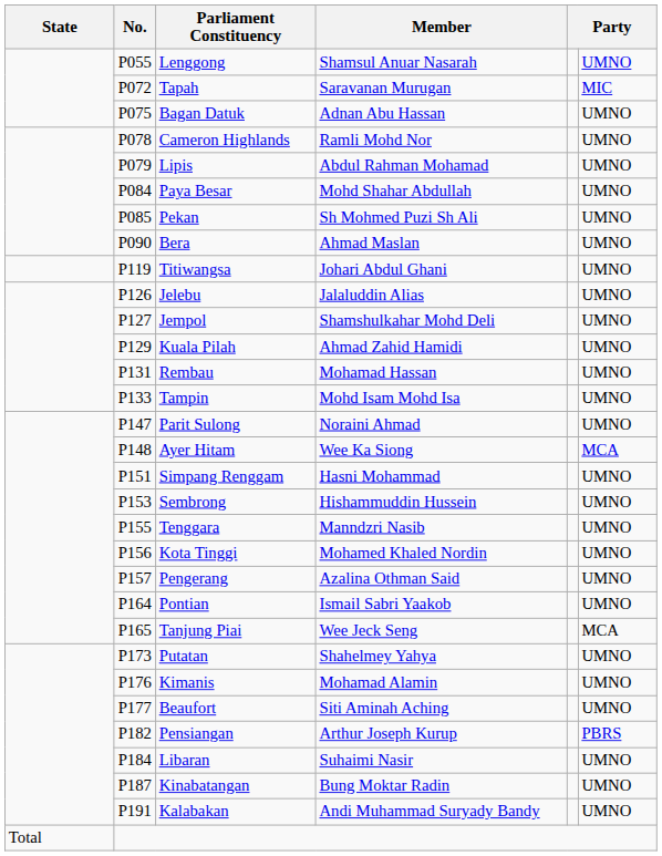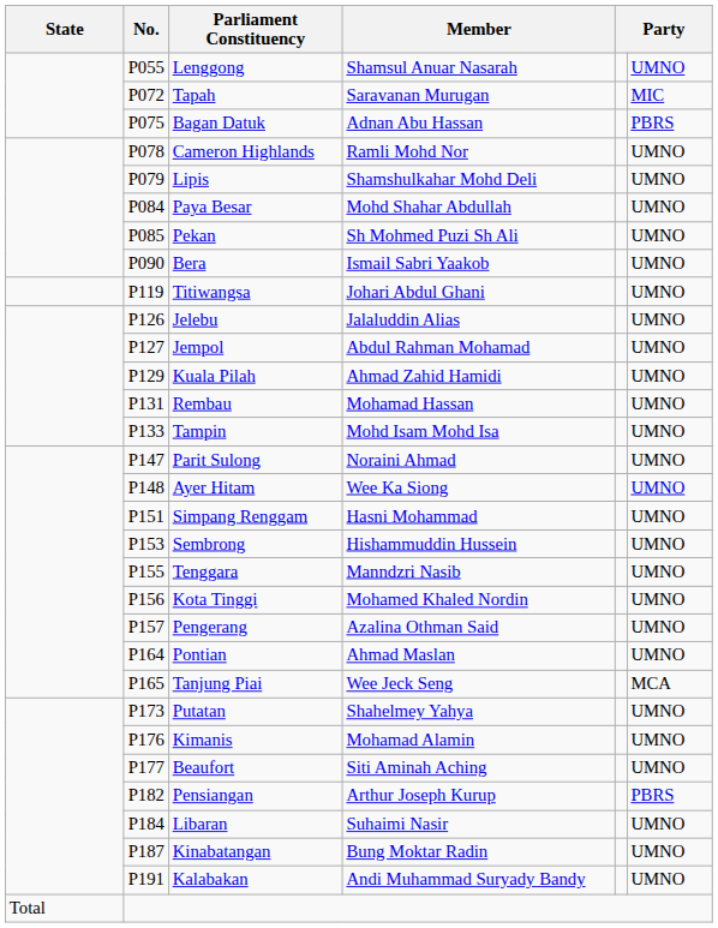 <table class ="wikitable sortable">
 <tr>
 <th style="width:100px;">State</th>
 <th style="width:30px;">No.</th>
 <th style="width:150px;">Parliament Constituency</th>
 <th style="width:240px;">Member</th>
 <th style="width:80px;" colspan=2>Party</th>
 </tr>
 <tr>
 <td rowspan=3></td>
 <td>P055</td>
 <td><a href='#'>Lenggong</a></td>
 <td><a href='#'>Shamsul Anuar Nasarah</a></td>
 <td></td>
 <td><a href='#'>UMNO</a></td>
 </tr>
 <tr>
 <td>P072</td>
 <td><a href='#'>Tapah</a></td>
 <td><a href='#'>Saravanan Murugan</a></td>
 <td></td>
 <td><a href='#'>MIC</a></td>
 </tr>
 <tr>
 <td>P075</td>
 <td><a href='#'>Bagan Datuk</a></td>
 <td><a href='#'>Adnan Abu Hassan</a></td>
 <td></td>
-<td>UMNO</td>
+<td><a href='#'>PBRS</a></td>
 </tr>
 <tr>
 <td rowspan=5></td>
 <td>P078</td>
 <td><a href='#'>Cameron Highlands</a></td>
 <td><a href='#'>Ramli Mohd Nor</a></td>
 <td></td>
 <td>UMNO</td>
 </tr>
 <tr>
 <td>P079</td>
 <td><a href='#'>Lipis</a></td>
-<td><a href='#'>Abdul Rahman Mohamad</a></td>
+<td><a href='#'>Shamshulkahar Mohd Deli</a></td>
 <td></td>
 <td>UMNO</td>
 </tr>
 <tr>
 <td>P084</td>
 <td><a href='#'>Paya Besar</a></td>
 <td><a href='#'>Mohd Shahar Abdullah</a></td>
 <td></td>
 <td>UMNO</td>
 </tr>
 <tr>
 <td>P085</td>
 <td><a href='#'>Pekan</a></td>
 <td><a href='#'>Sh Mohmed Puzi Sh Ali</a></td>
 <td></td>
 <td>UMNO</td>
 </tr>
 <tr>
 <td>P090</td>
 <td><a href='#'>Bera</a></td>
-<td><a href='#'>Ahmad Maslan</a></td>
+<td><a href='#'>Ismail Sabri Yaakob</a></td>
 <td></td>
 <td>UMNO</td>
 </tr>
 <tr>
 <td></td>
 <td>P119</td>
 <td><a href='#'>Titiwangsa</a></td>
 <td><a href='#'>Johari Abdul Ghani</a></td>
 <td></td>
 <td>UMNO</td>
 </tr>
 <tr>
 <td rowspan=5></td>
 <td>P126</td>
 <td><a href='#'>Jelebu</a></td>
 <td><a href='#'>Jalaluddin Alias</a></td>
 <td></td>
 <td>UMNO</td>
 </tr>
 <tr>
 <td>P127</td>
 <td><a href='#'>Jempol</a></td>
-<td><a href='#'>Shamshulkahar Mohd Deli</a></td>
+<td><a href='#'>Abdul Rahman Mohamad</a></td>
 <td></td>
 <td>UMNO</td>
 </tr>
 <tr>
 <td>P129</td>
 <td><a href='#'>Kuala Pilah</a></td>
 <td><a href='#'>Ahmad Zahid Hamidi</a></td>
 <td></td>
 <td>UMNO</td>
 </tr>
 <tr>
 <td>P131</td>
 <td><a href='#'>Rembau</a></td>
 <td><a href='#'>Mohamad Hassan</a></td>
 <td></td>
 <td>UMNO</td>
 </tr>
 <tr>
 <td>P133</td>
 <td><a href='#'>Tampin</a></td>
 <td><a href='#'>Mohd Isam Mohd Isa</a></td>
 <td></td>
 <td>UMNO</td>
 </tr>
 <tr>
 <td rowspan="9"></td>
 <td>P147</td>
 <td><a href='#'>Parit Sulong</a></td>
 <td><a href='#'>Noraini Ahmad</a></td>
 <td></td>
 <td>UMNO</td>
 </tr>
 <tr>
 <td>P148</td>
 <td><a href='#'>Ayer Hitam</a></td>
 <td><a href='#'>Wee Ka Siong</a></td>
 <td></td>
-<td><a href='#'>MCA</a></td>
+<td><a href='#'>UMNO</a></td>
 </tr>
 <tr>
 <td>P151</td>
 <td><a href='#'>Simpang Renggam</a></td>
 <td><a href='#'>Hasni Mohammad</a></td>
 <td></td>
 <td>UMNO</td>
 </tr>
 <tr>
 <td>P153</td>
 <td><a href='#'>Sembrong</a></td>
 <td><a href='#'>Hishammuddin Hussein</a></td>
 <td></td>
 <td>UMNO</td>
 </tr>
 <tr>
 <td>P155</td>
 <td><a href='#'>Tenggara</a></td>
 <td><a href='#'>Manndzri Nasib</a></td>
 <td></td>
 <td>UMNO</td>
 </tr>
 <tr>
 <td>P156</td>
 <td><a href='#'>Kota Tinggi</a></td>
 <td><a href='#'>Mohamed Khaled Nordin</a></td>
 <td></td>
 <td>UMNO</td>
 </tr>
 <tr>
 <td>P157</td>
 <td><a href='#'>Pengerang</a></td>
 <td><a href='#'>Azalina Othman Said</a></td>
 <td></td>
 <td>UMNO</td>
 </tr>
 <tr>
 <td>P164</td>
 <td><a href='#'>Pontian</a></td>
-<td><a href='#'>Ismail Sabri Yaakob</a></td>
+<td><a href='#'>Ahmad Maslan</a></td>
 <td></td>
 <td>UMNO</td>
 </tr>
 <tr>
 <td>P165</td>
 <td><a href='#'>Tanjung Piai</a></td>
 <td><a href='#'>Wee Jeck Seng</a></td>
 <td></td>
 <td>MCA</td>
 </tr>
 <tr>
 <td rowspan=7></td>
 <td>P173</td>
 <td><a href='#'>Putatan</a></td>
 <td><a href='#'>Shahelmey Yahya</a></td>
 <td></td>
 <td>UMNO</td>
 </tr>
 <tr>
 <td>P176</td>
 <td><a href='#'>Kimanis</a></td>
 <td><a href='#'>Mohamad Alamin</a></td>
 <td></td>
 <td>UMNO</td>
 </tr>
 <tr>
 <td>P177</td>
 <td><a href='#'>Beaufort</a></td>
 <td><a href='#'>Siti Aminah Aching</a></td>
 <td></td>
 <td>UMNO</td>
 </tr>
 <tr>
 <td>P182</td>
 <td><a href='#'>Pensiangan</a></td>
 <td><a href='#'>Arthur Joseph Kurup</a></td>
 <td></td>
 <td><a href='#'>PBRS</a></td>
 </tr>
 <tr>
 <td>P184</td>
 <td><a href='#'>Libaran</a></td>
 <td><a href='#'>Suhaimi Nasir</a></td>
 <td></td>
 <td>UMNO</td>
 </tr>
 <tr>
 <td>P187</td>
 <td><a href='#'>Kinabatangan</a></td>
 <td><a href='#'>Bung Moktar Radin</a></td>
 <td></td>
 <td>UMNO</td>
 </tr>
 <tr>
 <td>P191</td>
 <td><a href='#'>Kalabakan</a></td>
 <td><a href='#'>Andi Muhammad Suryady Bandy</a></td>
 <td></td>
 <td>UMNO</td>
 </tr>
 <tr>
 <td>Total</td>
 <td style="width:30px;" colspan=6></td>
 </tr>
 </table>
